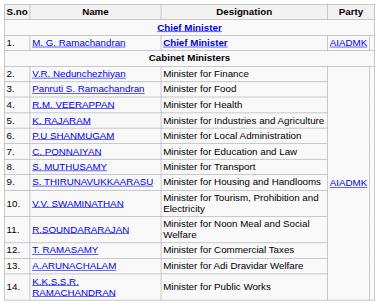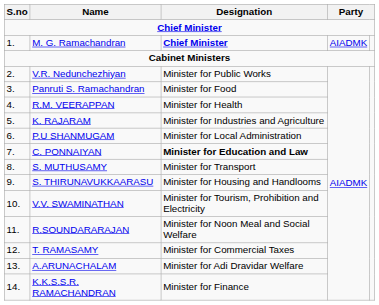 <table class="wikitable">
 <tr>
 <th>S.no</th>
 <th>Name</th>
 <th>Designation</th>
 <th colspan="2" scope="col">Party</th>
 </tr>
 <tr>
 <td colspan="5" style="text-align: center;"><strong><a href='#'>Chief Minister</a></strong></td>
 </tr>
 <tr>
 <td>1.</td>
 <td><a href='#'>M. G. Ramachandran</a></td>
 <td><strong><a href='#'>Chief Minister</a></strong></td>
 <td><a href='#'>AIADMK</a></td>
 <td width="1px" style="background-color: "></td>
 </tr>
 <tr>
 <td colspan="5" style="text-align: center;"><strong>Cabinet Ministers</strong></td>
 </tr>
 <tr>
 <td>2.</td>
 <td><a href='#'>V.R. Nedunchezhiyan</a></td>
-<td>Minister for Finance</td>
+<td>Minister for Public Works</td>
 <td rowspan="32"><a href='#'>AIADMK</a></td>
 <td rowspan="32" width="1px" style="background-color: "></td>
 </tr>
 <tr>
 <td>3.</td>
 <td><a href='#'>Panruti S. Ramachandran</a></td>
 <td>Minister for Food</td>
 </tr>
 <tr>
 <td>4.</td>
 <td><a href='#'>R.M. VEERAPPAN</a></td>
 <td>Minister for Health</td>
 </tr>
 <tr>
 <td>5.</td>
 <td><a href='#'>K. RAJARAM</a></td>
 <td>Minister for Industries and Agriculture</td>
 </tr>
 <tr>
 <td>6.</td>
 <td><a href='#'>P.U SHANMUGAM</a></td>
 <td>Minister for Local Administration</td>
 </tr>
 <tr>
 <td>7.</td>
 <td><a href='#'>C. PONNAIYAN</a></td>
-<td>Minister for Education and Law</td>
+<td><strong>Minister for Education and Law</strong></td>
 </tr>
 <tr>
 <td>8.</td>
 <td><a href='#'>S. MUTHUSAMY</a></td>
 <td>Minister for Transport</td>
 </tr>
 <tr>
 <td>9.</td>
 <td><a href='#'>S. THIRUNAVUKKAARASU</a></td>
 <td>Minister for Housing and Handlooms</td>
 </tr>
 <tr>
 <td>10.</td>
 <td><a href='#'>V.V. SWAMINATHAN</a></td>
 <td>Minister for Tourism, Prohibition and Electricity</td>
 </tr>
 <tr>
 <td>11.</td>
 <td><a href='#'>R.SOUNDARARAJAN</a></td>
 <td>Minister for Noon Meal and Social Welfare</td>
 </tr>
 <tr>
 <td>12.</td>
 <td><a href='#'>T. RAMASAMY</a></td>
 <td>Minister for Commercial Taxes</td>
 </tr>
 <tr>
 <td>13.</td>
 <td><a href='#'>A.ARUNACHALAM</a></td>
 <td>Minister for Adi Dravidar Welfare</td>
 </tr>
 <tr>
 <td>14.</td>
 <td><a href='#'>K.K.S.S.R. RAMACHANDRAN</a></td>
-<td>Minister for Public Works</td>
+<td>Minister for Finance</td>
 </tr>
 </table>
